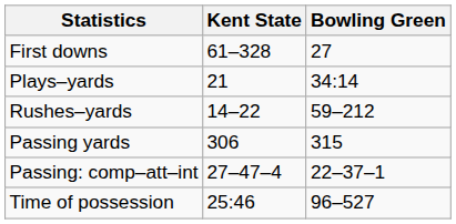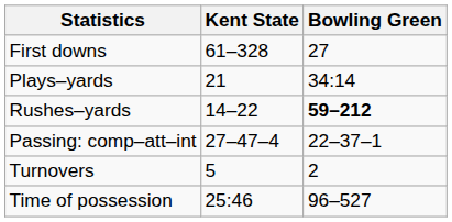 <table class="wikitable" style="float:left">
 <tr>
 <th>Statistics</th>
 <th>Kent State</th>
 <th>Bowling Green</th>
 </tr>
 <tr>
 <td>First downs</td>
 <td>61–328</td>
 <td>27</td>
 </tr>
 <tr>
 <td>Plays–yards</td>
 <td>21</td>
 <td>34:14</td>
 </tr>
 <tr>
 <td>Rushes–yards</td>
 <td>14–22</td>
-<td>59–212</td>
-</tr>
-<tr>
-<td>Passing yards</td>
-<td>306</td>
-<td>315</td>
+<td><strong>59–212</strong></td>
 </tr>
 <tr>
 <td>Passing: comp–att–int</td>
 <td>27–47–4</td>
 <td>22–37–1</td>
 </tr>
 <tr>
+<td>Turnovers</td>
+<td>5</td>
+<td>2</td>
+</tr>
+<tr>
 <td>Time of possession</td>
 <td>25:46</td>
 <td>96–527</td>
 </tr>
 </table>
